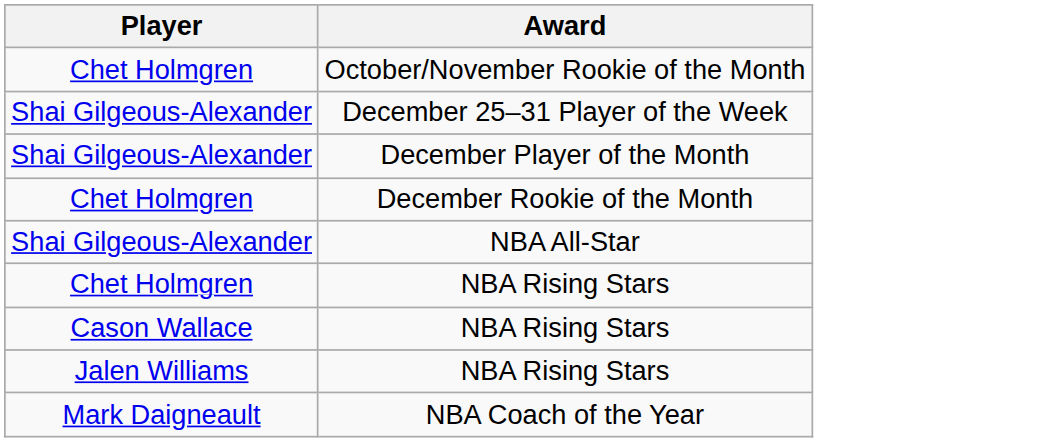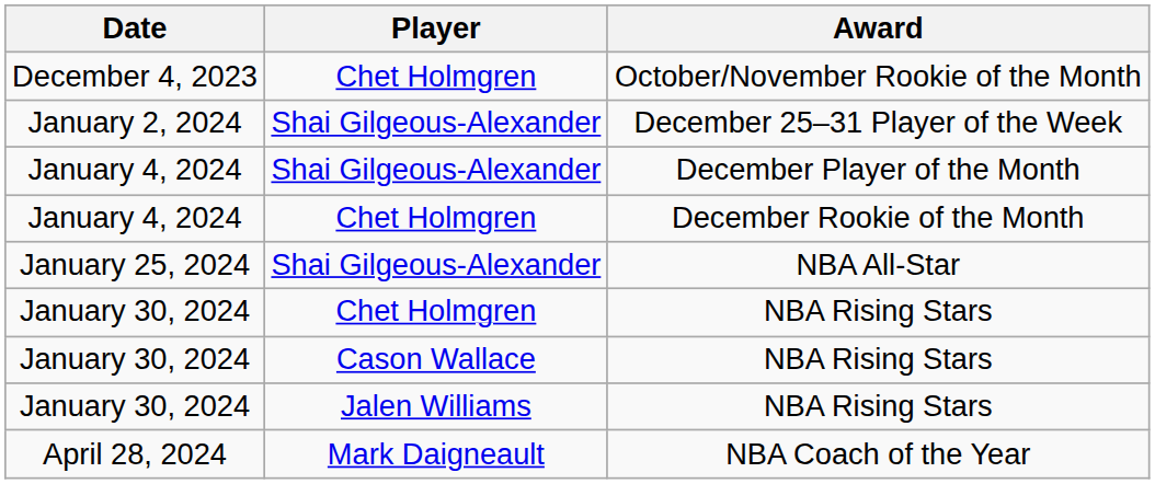 <table class="wikitable" style="text-align: center">
 <tr>
+<th>Date</th>
 <th>Player</th>
 <th>Award</th>
 </tr>
 <tr style="text-align: center">
+<td>December 4, 2023</td>
 <td><a href='#'>Chet Holmgren</a></td>
 <td>October/November Rookie of the Month</td>
 </tr>
 <tr style="text-align: center">
+<td>January 2, 2024</td>
 <td><a href='#'>Shai Gilgeous-Alexander</a></td>
 <td>December 25–31 Player of the Week</td>
 </tr>
 <tr style="text-align: center">
+<td>January 4, 2024</td>
 <td><a href='#'>Shai Gilgeous-Alexander</a></td>
 <td>December Player of the Month</td>
 </tr>
 <tr style="text-align: center">
+<td>January 4, 2024</td>
 <td><a href='#'>Chet Holmgren</a></td>
 <td>December Rookie of the Month</td>
 </tr>
 <tr style="text-align: center">
+<td>January 25, 2024</td>
 <td><a href='#'>Shai Gilgeous-Alexander</a></td>
 <td>NBA All-Star</td>
 </tr>
 <tr style="text-align: center">
+<td>January 30, 2024</td>
 <td><a href='#'>Chet Holmgren</a></td>
 <td>NBA Rising Stars</td>
 </tr>
 <tr style="text-align: center">
+<td>January 30, 2024</td>
 <td><a href='#'>Cason Wallace</a></td>
 <td>NBA Rising Stars</td>
 </tr>
 <tr style="text-align: center">
+<td>January 30, 2024</td>
 <td><a href='#'>Jalen Williams</a></td>
 <td>NBA Rising Stars</td>
 </tr>
 <tr style="text-align: center">
+<td>April 28, 2024</td>
 <td><a href='#'>Mark Daigneault</a></td>
 <td>NBA Coach of the Year</td>
 </tr>
 </table>
